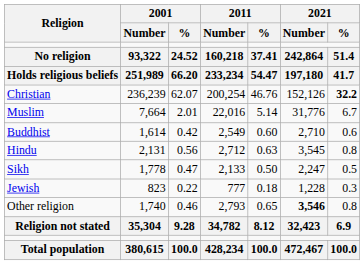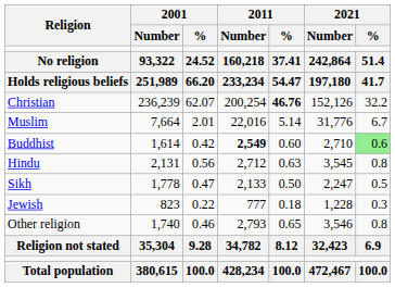 <table class="wikitable sortable mw-collapsible">
 <tr>
 <th rowspan="2">Religion</th>
 <th colspan="2">2001</th>
 <th colspan="2">2011</th>
 <th colspan="2">2021</th>
 </tr>
 <tr>
 <th>Number</th>
 <th>%</th>
 <th>Number</th>
 <th>%</th>
 <th>Number</th>
 <th>%</th>
 </tr>
 <tr>
 <td></td>
 <td></td>
 <td></td>
 <td></td>
 <td></td>
 </tr>
 <tr>
 <th>No religion</th>
 <th align="right">93,322</th>
 <th align="right">24.52</th>
 <th align="right">160,218</th>
 <th align="right">37.41</th>
 <th align="right">242,864</th>
 <th align="right">51.4</th>
 </tr>
 <tr>
 <th>Holds religious beliefs</th>
 <th>251,989</th>
 <th>66.20</th>
 <th>233,234</th>
 <th>54.47</th>
 <th>197,180</th>
 <th>41.7</th>
 </tr>
 <tr>
 <td> <a href='#'>Christian</a></td>
 <td align="right">236,239</td>
 <td align="right">62.07</td>
 <td align="right">200,254</td>
-<td align="right">46.76</td>
+<td align="right"><strong>46.76</strong></td>
 <td align="right">152,126</td>
-<td align="right"><strong>32.2</strong></td>
+<td align="right">32.2</td>
 </tr>
 <tr>
 <td> <a href='#'>Muslim</a></td>
 <td align="right">7,664</td>
 <td align="right">2.01</td>
 <td align="right">22,016</td>
 <td align="right">5.14</td>
 <td align="right">31,776</td>
 <td align="right">6.7</td>
 </tr>
 <tr>
 <td> <a href='#'>Buddhist</a></td>
 <td align="right">1,614</td>
 <td align="right">0.42</td>
-<td align="right">2,549</td>
+<td align="right"><strong>2,549</strong></td>
 <td align="right">0.60</td>
 <td align="right">2,710</td>
-<td align="right">0.6</td>
+<td align="right" style="background: lightgreen;">0.6</td>
 </tr>
 <tr>
 <td> <a href='#'>Hindu</a></td>
 <td align="right">2,131</td>
 <td align="right">0.56</td>
 <td align="right">2,712</td>
 <td align="right">0.63</td>
 <td align="right">3,545</td>
 <td align="right">0.8</td>
 </tr>
 <tr>
 <td> <a href='#'>Sikh</a></td>
 <td align="right">1,778</td>
 <td align="right">0.47</td>
 <td align="right">2,133</td>
 <td align="right">0.50</td>
 <td align="right">2,247</td>
 <td align="right">0.5</td>
 </tr>
 <tr>
 <td> <a href='#'>Jewish</a></td>
 <td align="right">823</td>
 <td align="right">0.22</td>
 <td align="right">777</td>
 <td align="right">0.18</td>
 <td align="right">1,228</td>
 <td align="right">0.3</td>
 </tr>
 <tr>
 <td>Other religion</td>
 <td align="right">1,740</td>
 <td align="right">0.46</td>
 <td align="right">2,793</td>
 <td align="right">0.65</td>
-<td align="right"><strong>3,546</strong></td>
+<td align="right">3,546</td>
 <td align="right">0.8</td>
 </tr>
 <tr>
 <th>Religion not stated</th>
 <th align="right">35,304</th>
 <th align="right">9.28</th>
 <th align="right">34,782</th>
 <th align="right">8.12</th>
 <th align="right">32,423</th>
 <th align="right">6.9</th>
 </tr>
 <tr>
 <td></td>
 <td></td>
 <td></td>
 <td></td>
 <td></td>
 </tr>
 <tr>
 <th>Total population</th>
 <th align="right">380,615</th>
 <th align="right">100.0</th>
 <th align="right">428,234</th>
 <th align="right">100.0</th>
 <th align="right">472,467</th>
 <th align="right">100.0</th>
 </tr>
 </table>
